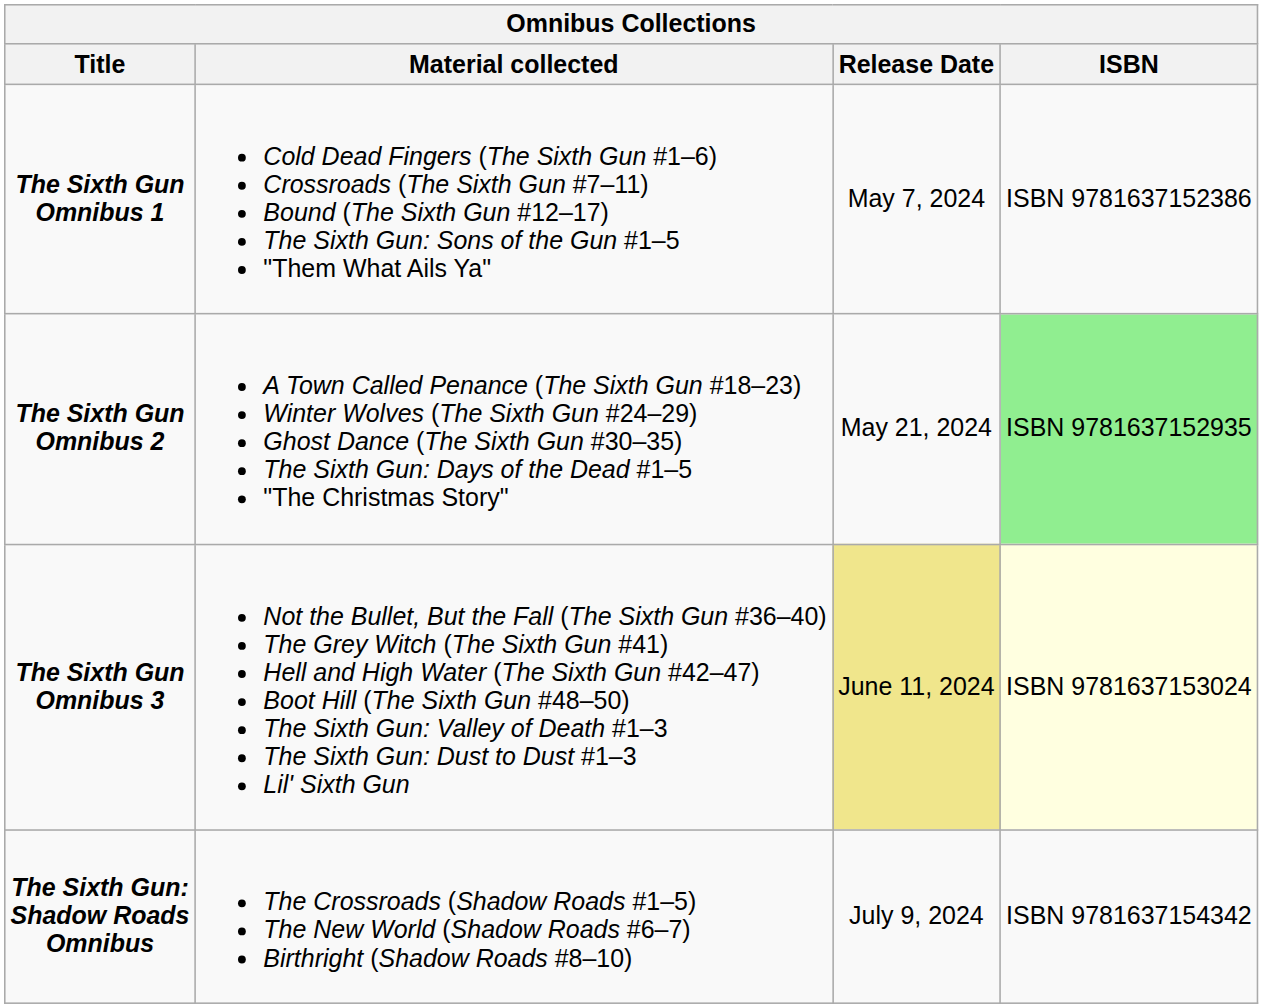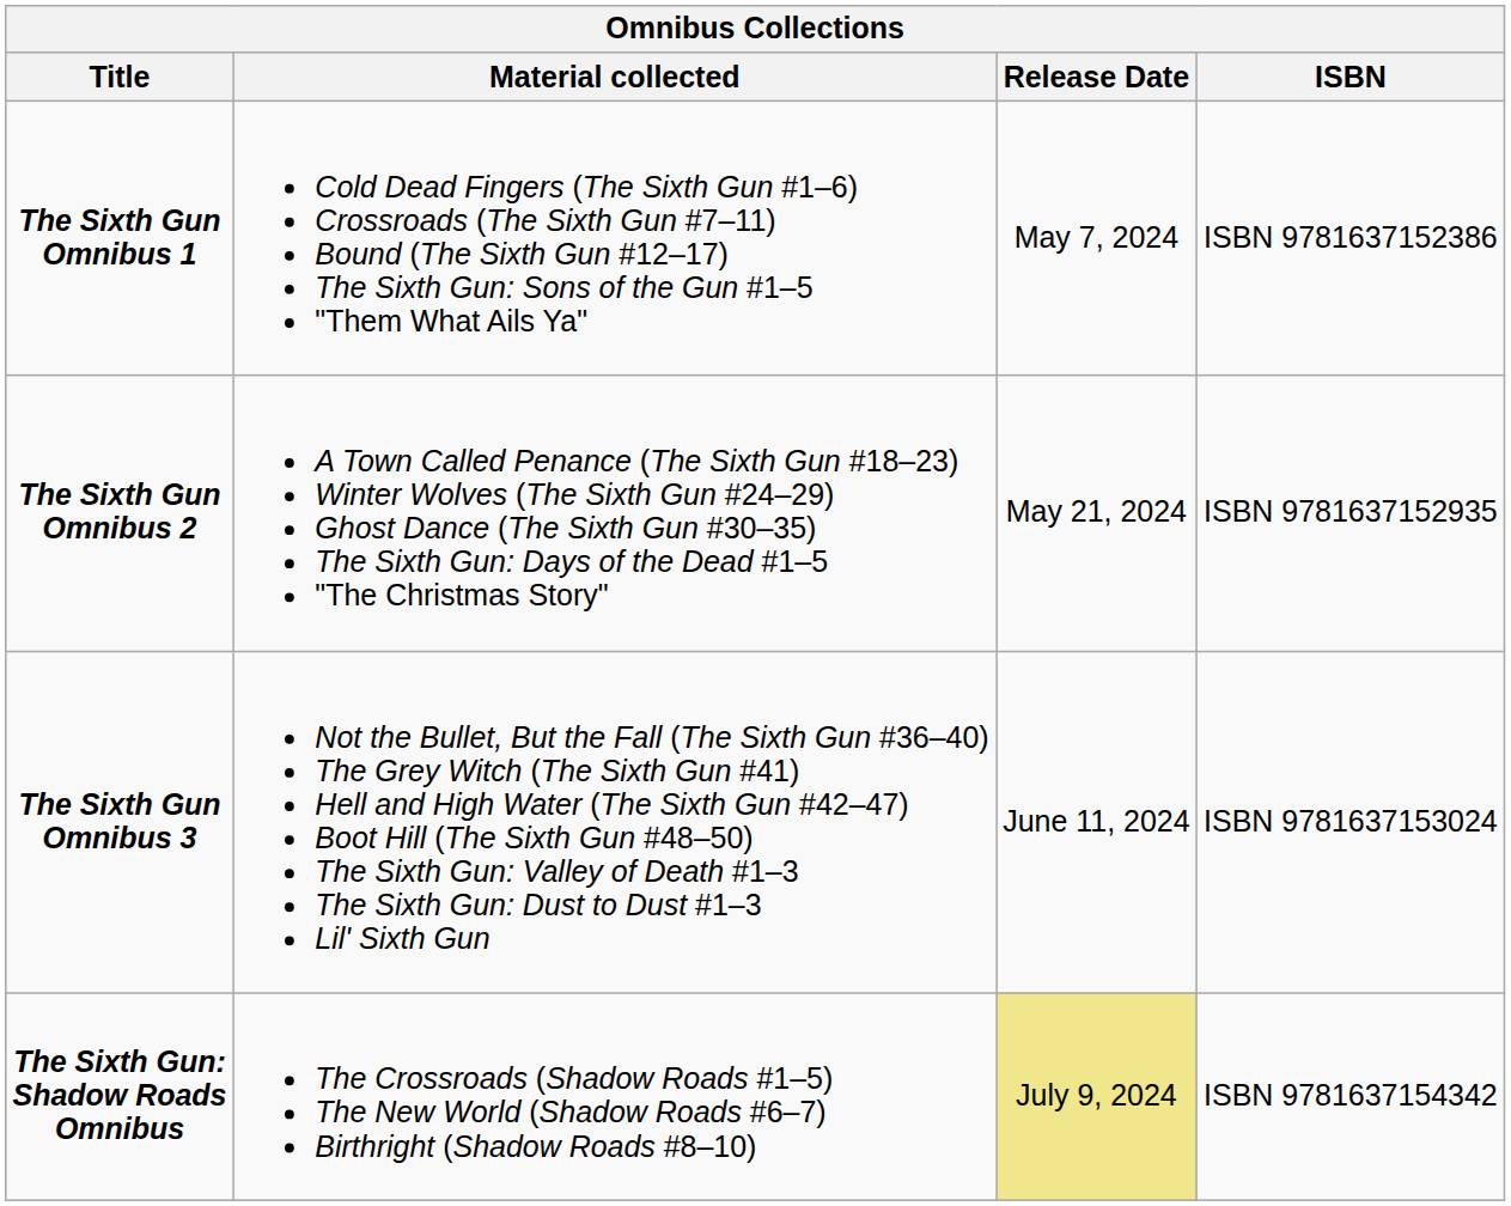 <table class="wikitable mw-collapsible mw-collapsed" style="text-align: center">
 <tr>
 <th colspan=5>Omnibus Collections</th>
 </tr>
 <tr>
 <th>Title</th>
 <th>Material collected</th>
 <th>Release Date</th>
 <th>ISBN</th>
 </tr>
 <tr>
 <td><strong><em>The Sixth Gun<br>Omnibus 1</em></strong></td>
 <td align=left><br><ul><li><em>Cold Dead Fingers</em> (<em>The Sixth Gun</em> #1–6)</li><li><em>Crossroads</em> (<em>The Sixth Gun</em> #7–11)</li><li><em>Bound</em> (<em>The Sixth Gun</em> #12–17)</li><li><em>The Sixth Gun: Sons of the Gun</em> #1–5</li><li>"Them What Ails Ya"</li></ul></td>
 <td>May 7, 2024</td>
 <td>ISBN 9781637152386</td>
 </tr>
 <tr>
 <td><strong><em>The Sixth Gun<br>Omnibus 2</em></strong></td>
 <td align=left><br><ul><li><em>A Town Called Penance</em> (<em>The Sixth Gun</em> #18–23)</li><li><em>Winter Wolves</em> (<em>The Sixth Gun</em> #24–29)</li><li><em>Ghost Dance</em> (<em>The Sixth Gun</em> #30–35)</li><li><em>The Sixth Gun: Days of the Dead</em> #1–5</li><li>"The Christmas Story"</li></ul></td>
 <td>May 21, 2024</td>
-<td style="background: lightgreen;">ISBN 9781637152935</td>
+<td>ISBN 9781637152935</td>
 </tr>
 <tr>
 <td><strong><em>The Sixth Gun<br>Omnibus 3</em></strong></td>
 <td align=left><br><ul><li><em>Not the Bullet, But the Fall</em> (<em>The Sixth Gun</em> #36–40)</li><li><em>The Grey Witch</em> (<em>The Sixth Gun</em> #41)</li><li><em>Hell and High Water</em> (<em>The Sixth Gun</em> #42–47)</li><li><em>Boot Hill</em> (<em>The Sixth Gun</em> #48–50)</li><li><em>The Sixth Gun: Valley of Death</em> #1–3</li><li><em>The Sixth Gun: Dust to Dust</em> #1–3</li><li><em>Lil' Sixth Gun</em></li></ul></td>
-<td style="background: khaki;">June 11, 2024</td>
-<td style="background: lightyellow;">ISBN 9781637153024</td>
+<td>June 11, 2024</td>
+<td>ISBN 9781637153024</td>
 </tr>
 <tr>
 <td><strong><em>The Sixth Gun:<br>Shadow Roads<br>Omnibus</em></strong></td>
 <td align=left><br><ul><li><em>The Crossroads</em> (<em>Shadow Roads</em> #1–5)</li><li><em>The New World</em> (<em>Shadow Roads</em> #6–7)</li><li><em>Birthright</em> (<em>Shadow Roads</em> #8–10)</li></ul></td>
-<td>July 9, 2024</td>
+<td style="background: khaki;">July 9, 2024</td>
 <td>ISBN 9781637154342</td>
 </tr>
 </table>
